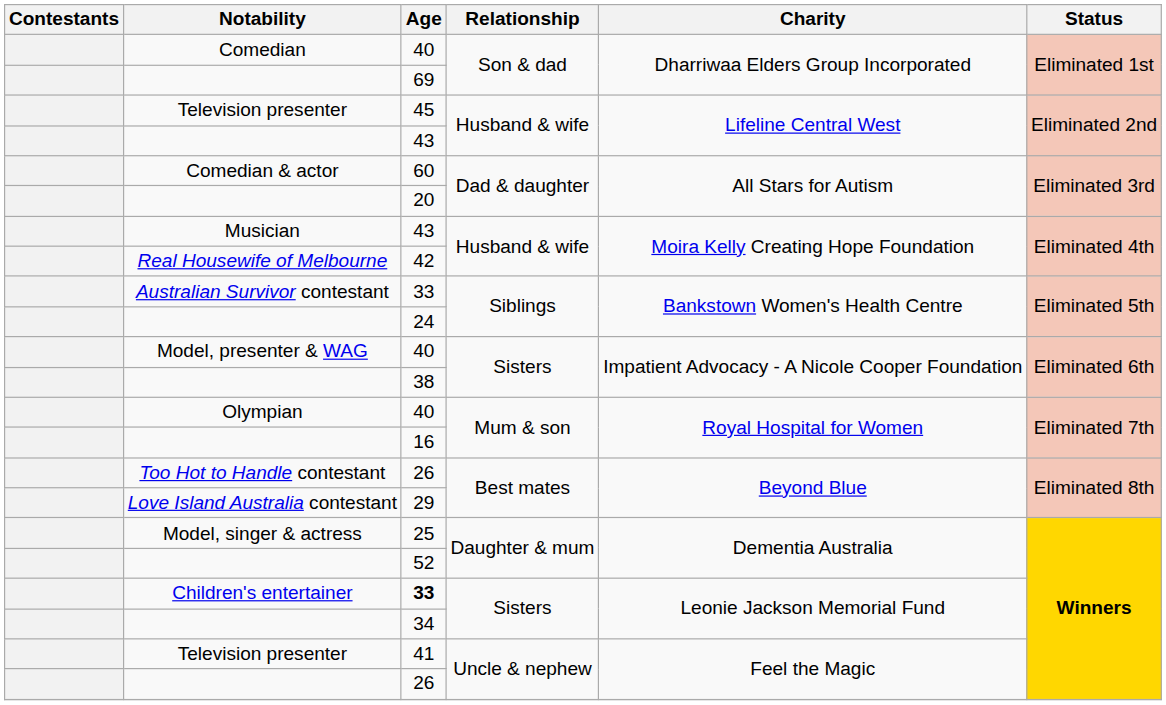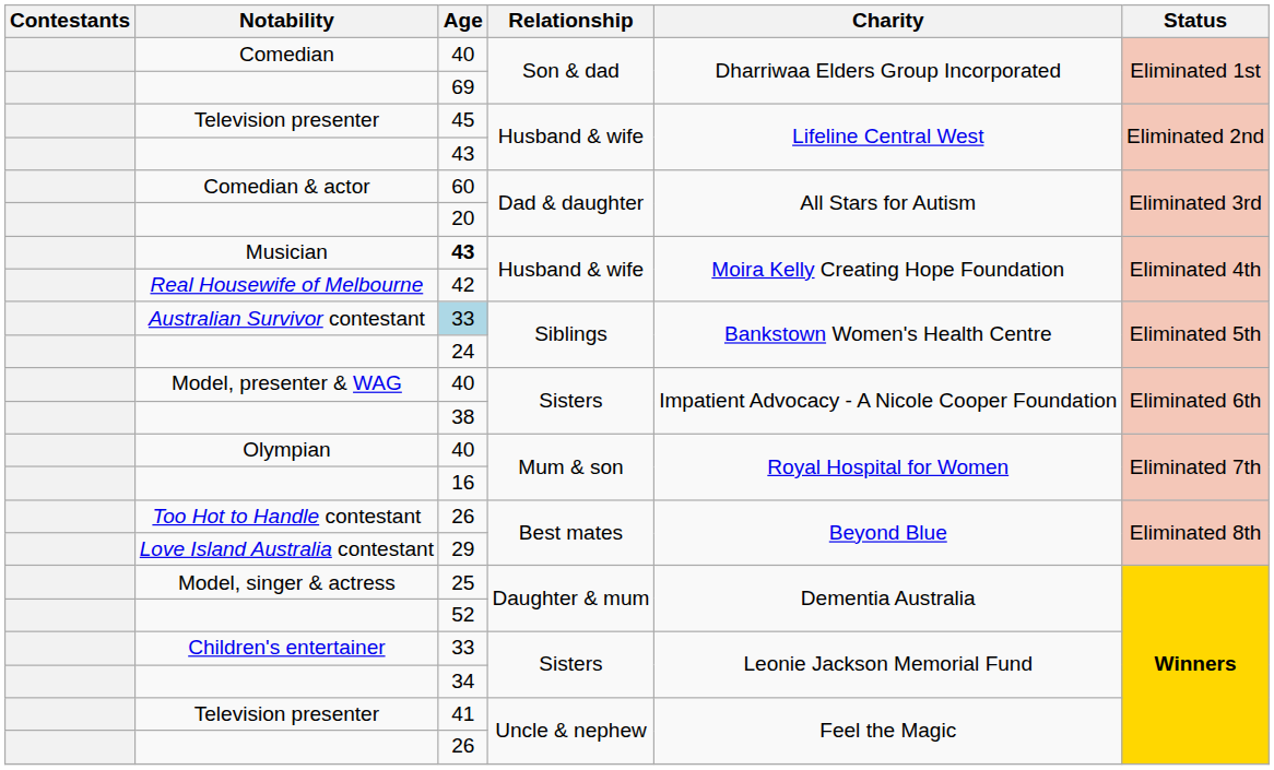 <table class="wikitable sortable" style="text-align:center;">
 <tr>
 <th scope="col">Contestants</th>
 <th scope="col" class="unsortable">Notability</th>
 <th scope="col">Age</th>
 <th scope="col" class="unsortable">Relationship</th>
 <th class="unsortable" scope="col">Charity</th>
 <th scope="col">Status</th>
 </tr>
 <tr>
 <th scope="row"></th>
 <td>Comedian</td>
 <td>40</td>
 <td rowspan="2">Son & dad</td>
 <td rowspan="2">Dharriwaa Elders Group Incorporated</td>
 <td rowspan="2" bgcolor="f4c7b8">Eliminated 1st<br></td>
 </tr>
 <tr>
 <th scope="row"></th>
 <td></td>
 <td>69</td>
 </tr>
 <tr>
 <th scope="row"></th>
 <td>Television presenter</td>
 <td>45</td>
 <td rowspan="2">Husband & wife</td>
 <td rowspan="2"><a href='#'>Lifeline Central West</a></td>
 <td rowspan="2" bgcolor="f4c7b8">Eliminated 2nd<br></td>
 </tr>
 <tr>
 <th scope="row"></th>
 <td></td>
 <td>43</td>
 </tr>
 <tr>
 <th scope="row"></th>
 <td>Comedian & actor</td>
 <td>60</td>
 <td rowspan="2">Dad & daughter</td>
 <td rowspan="2">All Stars for Autism</td>
 <td rowspan="2" bgcolor="f4c7b8">Eliminated 3rd<br></td>
 </tr>
 <tr>
 <th scope="row"></th>
 <td></td>
 <td>20</td>
 </tr>
 <tr>
 <th scope="row"></th>
 <td>Musician</td>
-<td>43</td>
+<td><strong>43</strong></td>
 <td rowspan="2">Husband & wife</td>
 <td rowspan="2"><a href='#'>Moira Kelly</a> Creating Hope Foundation</td>
 <td rowspan="2" bgcolor="f4c7b8">Eliminated 4th<br></td>
 </tr>
 <tr>
 <th scope="row"></th>
 <td><em><a href='#'>Real Housewife of Melbourne</a></em></td>
 <td>42</td>
 </tr>
 <tr>
 <th scope="row"></th>
 <td><em><a href='#'>Australian Survivor</a></em> contestant</td>
-<td>33</td>
+<td style="background: lightblue;">33</td>
 <td rowspan="2">Siblings</td>
 <td rowspan="2"><a href='#'>Bankstown</a> Women's Health Centre</td>
 <td rowspan="2" bgcolor="f4c7b8">Eliminated 5th<br></td>
 </tr>
 <tr>
 <th scope="row"></th>
 <td></td>
 <td>24</td>
 </tr>
 <tr>
 <th scope="row"></th>
 <td>Model, presenter & <a href='#'>WAG</a></td>
 <td>40</td>
 <td rowspan="2">Sisters</td>
 <td rowspan="2">Impatient Advocacy - A Nicole Cooper Foundation</td>
 <td rowspan="2" bgcolor="f4c7b8">Eliminated 6th<br></td>
 </tr>
 <tr>
 <th scope="row"></th>
 <td></td>
 <td>38</td>
 </tr>
 <tr>
 <th scope="row"></th>
 <td>Olympian</td>
 <td>40</td>
 <td rowspan="2">Mum & son</td>
 <td rowspan="2"><a href='#'>Royal Hospital for Women</a></td>
 <td rowspan="2" bgcolor="f4c7b8">Eliminated 7th<br></td>
 </tr>
 <tr>
 <th scope="row"></th>
 <td></td>
 <td>16</td>
 </tr>
 <tr>
 <th scope="row"></th>
 <td><em><a href='#'>Too Hot to Handle</a></em> contestant</td>
 <td>26</td>
 <td rowspan="2">Best mates</td>
 <td rowspan="2"><a href='#'>Beyond Blue</a></td>
 <td rowspan="2" bgcolor="f4c7b8">Eliminated 8th<br></td>
 </tr>
 <tr>
 <th scope="row"></th>
 <td><em><a href='#'>Love Island Australia</a></em> contestant</td>
 <td>29</td>
 </tr>
 <tr>
 <th scope="row"></th>
 <td>Model, singer & actress</td>
 <td>25</td>
 <td rowspan="2">Daughter & mum</td>
 <td rowspan="2">Dementia Australia</td>
 <td rowspan="6" bgcolor="gold"><strong>Winners</strong><br></td>
 </tr>
 <tr>
 <th scope="row"></th>
 <td></td>
 <td>52</td>
 </tr>
 <tr>
 <th scope="row"></th>
 <td><a href='#'>Children's entertainer</a></td>
-<td><strong>33</strong></td>
+<td>33</td>
 <td rowspan="2">Sisters</td>
 <td rowspan="2">Leonie Jackson Memorial Fund</td>
 </tr>
 <tr>
 <th scope="row"></th>
 <td></td>
 <td>34</td>
 </tr>
 <tr>
 <th scope="row"></th>
 <td>Television presenter</td>
 <td>41</td>
 <td rowspan="2">Uncle & nephew</td>
 <td rowspan="2">Feel the Magic</td>
 </tr>
 <tr>
 <th scope="row"></th>
 <td></td>
 <td>26</td>
 </tr>
 <tr>
 </tr>
 </table>
